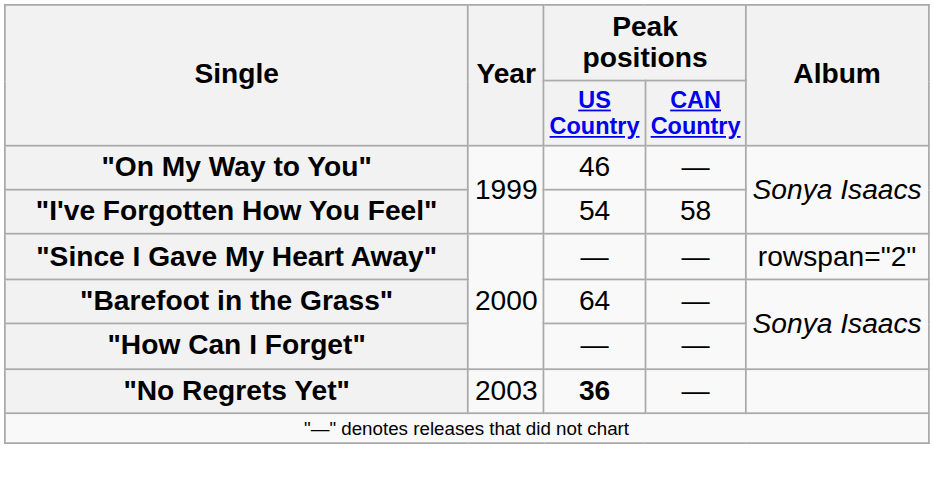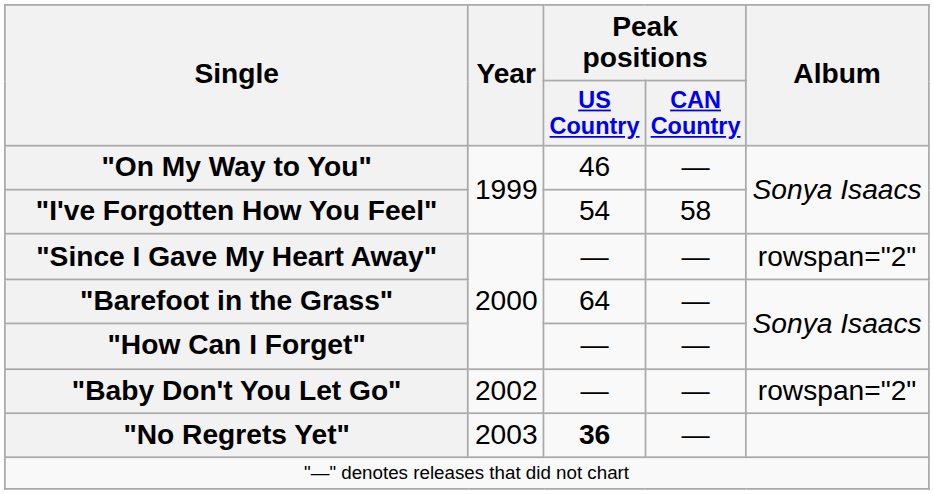 <table class="wikitable plainrowheaders" style="text-align:center;">
 <tr>
 <th rowspan="2" style="width:16em;">Single</th>
 <th rowspan="2">Year</th>
 <th colspan="2">Peak positions</th>
 <th rowspan="2">Album</th>
 </tr>
 <tr style="font-size:smaller;">
 <th width="45"><a href='#'>US Country</a><br></th>
 <th width="45"><a href='#'>CAN Country</a><br></th>
 </tr>
 <tr>
 <th scope="row">"On My Way to You"</th>
 <td rowspan="2">1999</td>
 <td>46</td>
 <td>—</td>
 <td rowspan="2"><em>Sonya Isaacs</em></td>
 </tr>
 <tr>
 <th scope="row">"I've Forgotten How You Feel"</th>
 <td>54</td>
 <td>58</td>
 </tr>
 <tr>
 <th scope="row">"Since I Gave My Heart Away"</th>
 <td rowspan="3">2000</td>
 <td>—</td>
 <td>—</td>
 <td>rowspan="2" </td>
 </tr>
 <tr>
 <th scope="row">"Barefoot in the Grass"</th>
 <td>64</td>
 <td>—</td>
 <td rowspan="2"><em>Sonya Isaacs</em></td>
 </tr>
 <tr>
 <th scope="row">"How Can I Forget"</th>
 <td>—</td>
 <td>—</td>
 </tr>
 <tr>
+<th scope="row">"Baby Don't You Let Go"</th>
+<td>2002</td>
+<td>—</td>
+<td>—</td>
+<td>rowspan="2" </td>
+</tr>
+<tr>
 <th scope="row">"No Regrets Yet"</th>
 <td>2003</td>
 <td><strong>36</strong></td>
 <td>—</td>
 </tr>
 <tr>
 <td colspan="5" style="font-size:8pt">"—" denotes releases that did not chart</td>
 </tr>
 </table>
